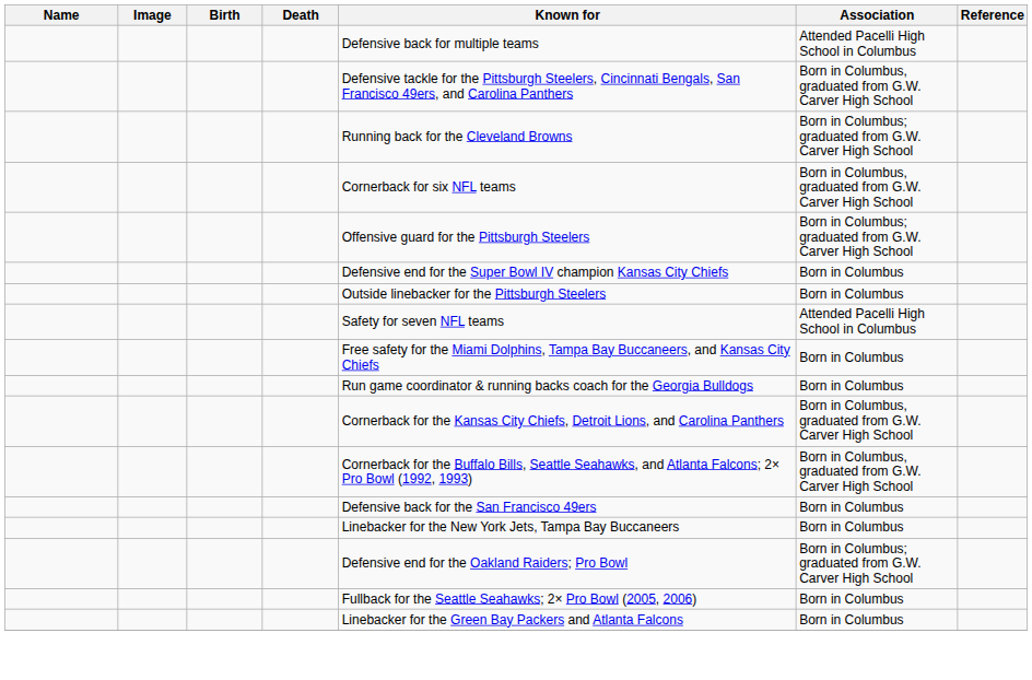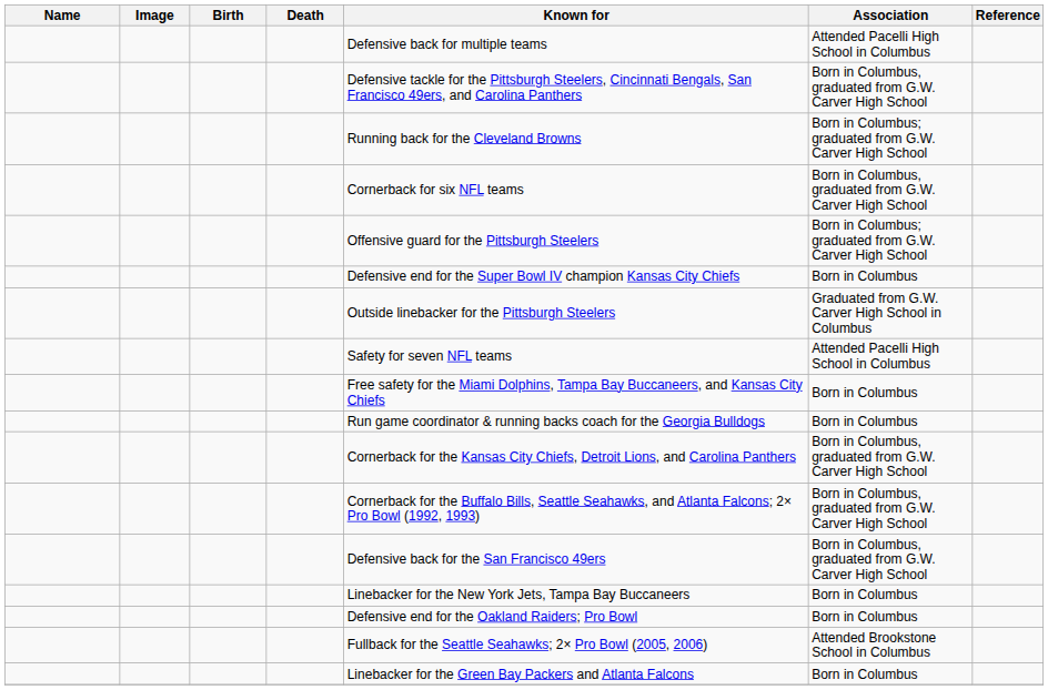 <table class="wikitable sortable">
 <tr>
 <th scope="col" width="140">Name</th>
 <th scope="col" width="80" class="unsortable">Image</th>
 <th scope="col" width="90">Birth</th>
 <th scope="col" width="90">Death</th>
 <th scope="col" width="600" class="unsortable">Known for</th>
 <th scope="col" width="200" class="unsortable">Association</th>
 <th scope="col" width="30" class="unsortable">Reference</th>
 </tr>
 <tr>
 <td></td>
 <td></td>
 <td align=right></td>
 <td align=right></td>
 <td>Defensive back for multiple teams</td>
 <td>Attended Pacelli High School in Columbus</td>
 <td align="center"></td>
 </tr>
 <tr>
 <td></td>
 <td></td>
 <td align=right></td>
 <td align=right></td>
 <td>Defensive tackle for the <a href='#'>Pittsburgh Steelers</a>, <a href='#'>Cincinnati Bengals</a>, <a href='#'>San Francisco 49ers</a>, and <a href='#'>Carolina Panthers</a></td>
 <td>Born in Columbus, graduated from G.W. Carver High School</td>
 <td align="center"></td>
 </tr>
 <tr>
 <td></td>
 <td></td>
 <td align=right></td>
 <td align=right></td>
 <td>Running back for the <a href='#'>Cleveland Browns</a></td>
 <td>Born in Columbus; graduated from G.W. Carver High School</td>
 <td align="center"></td>
 </tr>
 <tr>
 <td></td>
 <td></td>
 <td align=right></td>
 <td align=right></td>
 <td>Cornerback for six <a href='#'>NFL</a> teams</td>
 <td>Born in Columbus, graduated from G.W. Carver High School</td>
 <td align="center"></td>
 </tr>
 <tr>
 <td></td>
 <td></td>
 <td align=right></td>
 <td align=right></td>
 <td>Offensive guard for the <a href='#'>Pittsburgh Steelers</a></td>
 <td>Born in Columbus; graduated from G.W. Carver High School</td>
 <td align="center"></td>
 </tr>
 <tr>
 <td></td>
 <td></td>
 <td align=right></td>
 <td align=right></td>
 <td>Defensive end for the <a href='#'>Super Bowl IV</a> champion <a href='#'>Kansas City Chiefs</a></td>
 <td>Born in Columbus</td>
 <td align="center"></td>
 </tr>
 <tr>
 <td></td>
 <td></td>
 <td align=right></td>
 <td align=right></td>
 <td>Outside linebacker for the <a href='#'>Pittsburgh Steelers</a></td>
-<td>Born in Columbus</td>
+<td>Graduated from G.W. Carver High School in Columbus</td>
 <td align="center"></td>
 </tr>
 <tr>
 <td></td>
 <td></td>
 <td align=right></td>
 <td align=right></td>
 <td>Safety for seven <a href='#'>NFL</a> teams</td>
 <td>Attended Pacelli High School in Columbus</td>
 <td align="center"></td>
 </tr>
 <tr>
 <td></td>
 <td></td>
 <td align=right></td>
 <td align=right></td>
 <td>Free safety for the <a href='#'>Miami Dolphins</a>, <a href='#'>Tampa Bay Buccaneers</a>, and <a href='#'>Kansas City Chiefs</a></td>
 <td>Born in Columbus</td>
 <td align="center"></td>
 </tr>
 <tr>
 <td></td>
 <td></td>
 <td align=right></td>
 <td align=right></td>
 <td>Run game coordinator & running backs coach for the <a href='#'>Georgia Bulldogs</a></td>
 <td>Born in Columbus</td>
 <td align="center"></td>
 </tr>
 <tr>
 <td></td>
 <td></td>
 <td align=right></td>
 <td align=right></td>
 <td>Cornerback for the <a href='#'>Kansas City Chiefs</a>, <a href='#'>Detroit Lions</a>, and <a href='#'>Carolina Panthers</a></td>
 <td>Born in Columbus, graduated from G.W. Carver High School</td>
 <td align="center"></td>
 </tr>
 <tr>
 <td></td>
 <td></td>
 <td align=right></td>
 <td align=right></td>
 <td>Cornerback for the <a href='#'>Buffalo Bills</a>, <a href='#'>Seattle Seahawks</a>, and <a href='#'>Atlanta Falcons</a>; 2× <a href='#'>Pro Bowl</a> (<a href='#'>1992</a>, <a href='#'>1993</a>)</td>
 <td>Born in Columbus, graduated from G.W. Carver High School</td>
 <td align="center"></td>
 </tr>
 <tr>
 <td></td>
 <td></td>
 <td align=right></td>
 <td align=right></td>
 <td>Defensive back for the <a href='#'>San Francisco 49ers</a></td>
-<td>Born in Columbus</td>
+<td>Born in Columbus, graduated from G.W. Carver High School</td>
 <td align="center"></td>
 </tr>
 <tr>
 <td></td>
 <td></td>
 <td align=right></td>
 <td align=right></td>
 <td>Linebacker for the New York Jets, Tampa Bay Buccaneers</td>
 <td>Born in Columbus</td>
 <td align="center"></td>
 </tr>
 <tr>
 <td></td>
 <td></td>
 <td align=right></td>
 <td align=right></td>
 <td>Defensive end for the <a href='#'>Oakland Raiders</a>; <a href='#'>Pro Bowl</a></td>
-<td>Born in Columbus; graduated from G.W. Carver High School</td>
+<td>Born in Columbus</td>
 <td align="center"></td>
 </tr>
 <tr>
 <td></td>
 <td></td>
 <td align=right></td>
 <td align=right></td>
 <td>Fullback for the <a href='#'>Seattle Seahawks</a>; 2× <a href='#'>Pro Bowl</a> (<a href='#'>2005</a>, <a href='#'>2006</a>)</td>
-<td>Born in Columbus</td>
+<td>Attended Brookstone School in Columbus</td>
 <td align="center"></td>
 </tr>
 <tr>
 <td></td>
 <td></td>
 <td align=right></td>
 <td align=right></td>
 <td>Linebacker for the <a href='#'>Green Bay Packers</a> and <a href='#'>Atlanta Falcons</a></td>
 <td>Born in Columbus</td>
 <td align="center"></td>
 </tr>
 <tr>
 </tr>
 </table>
